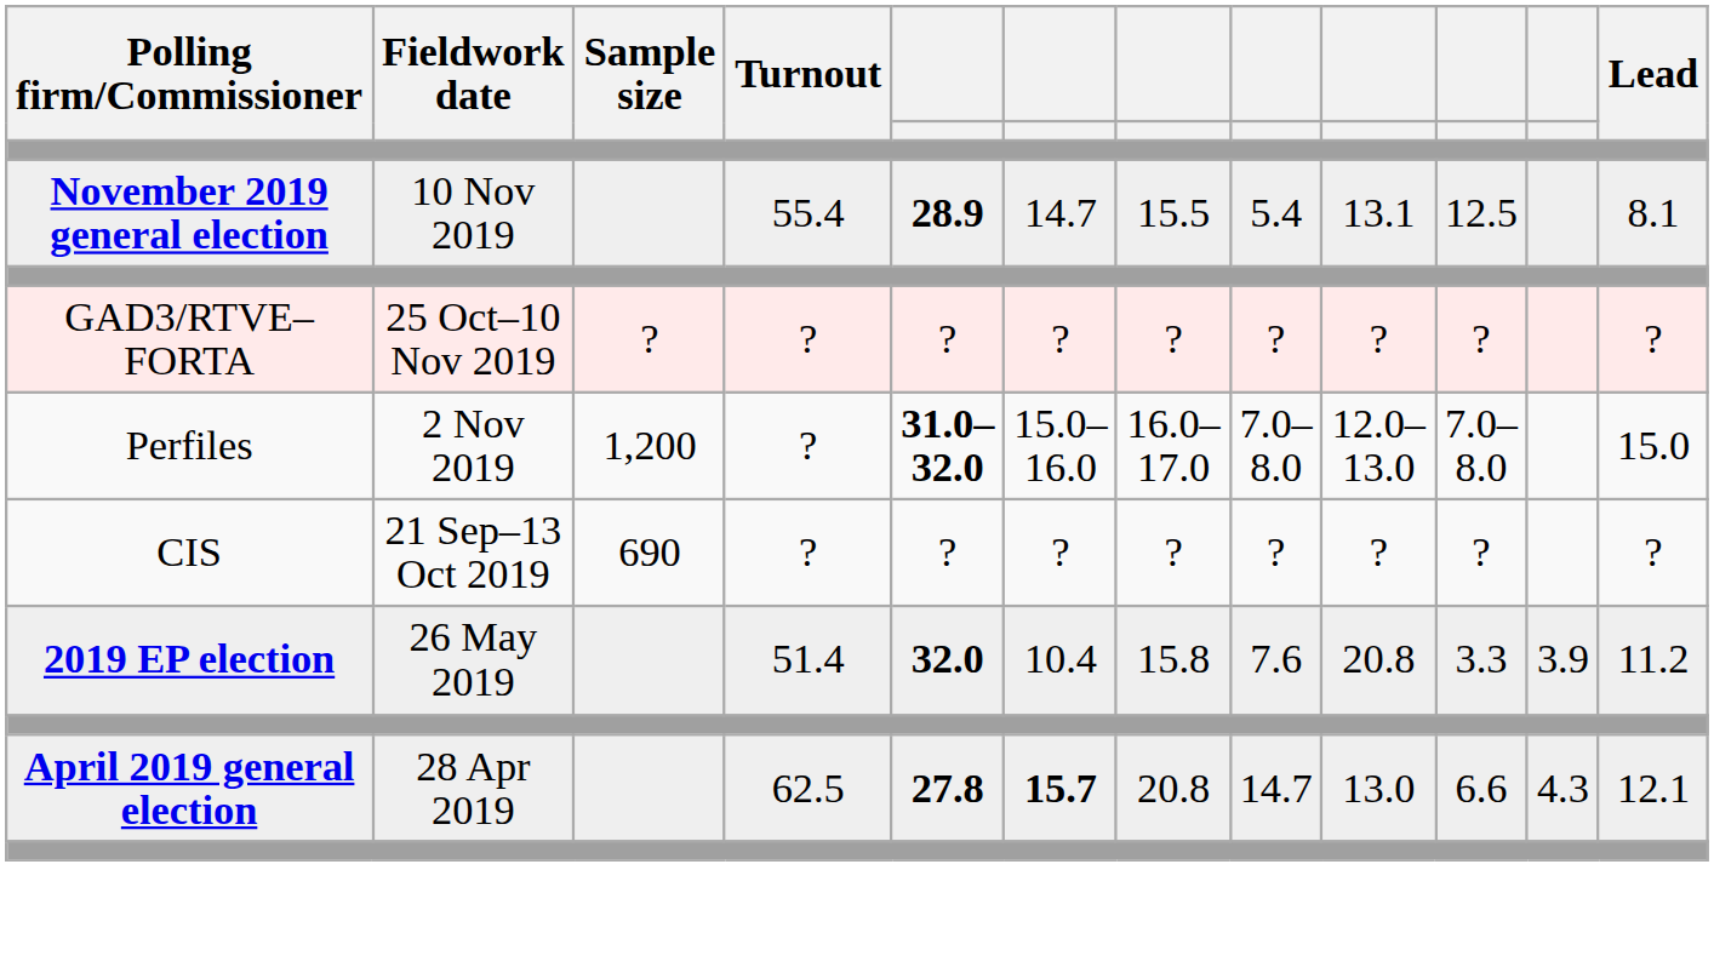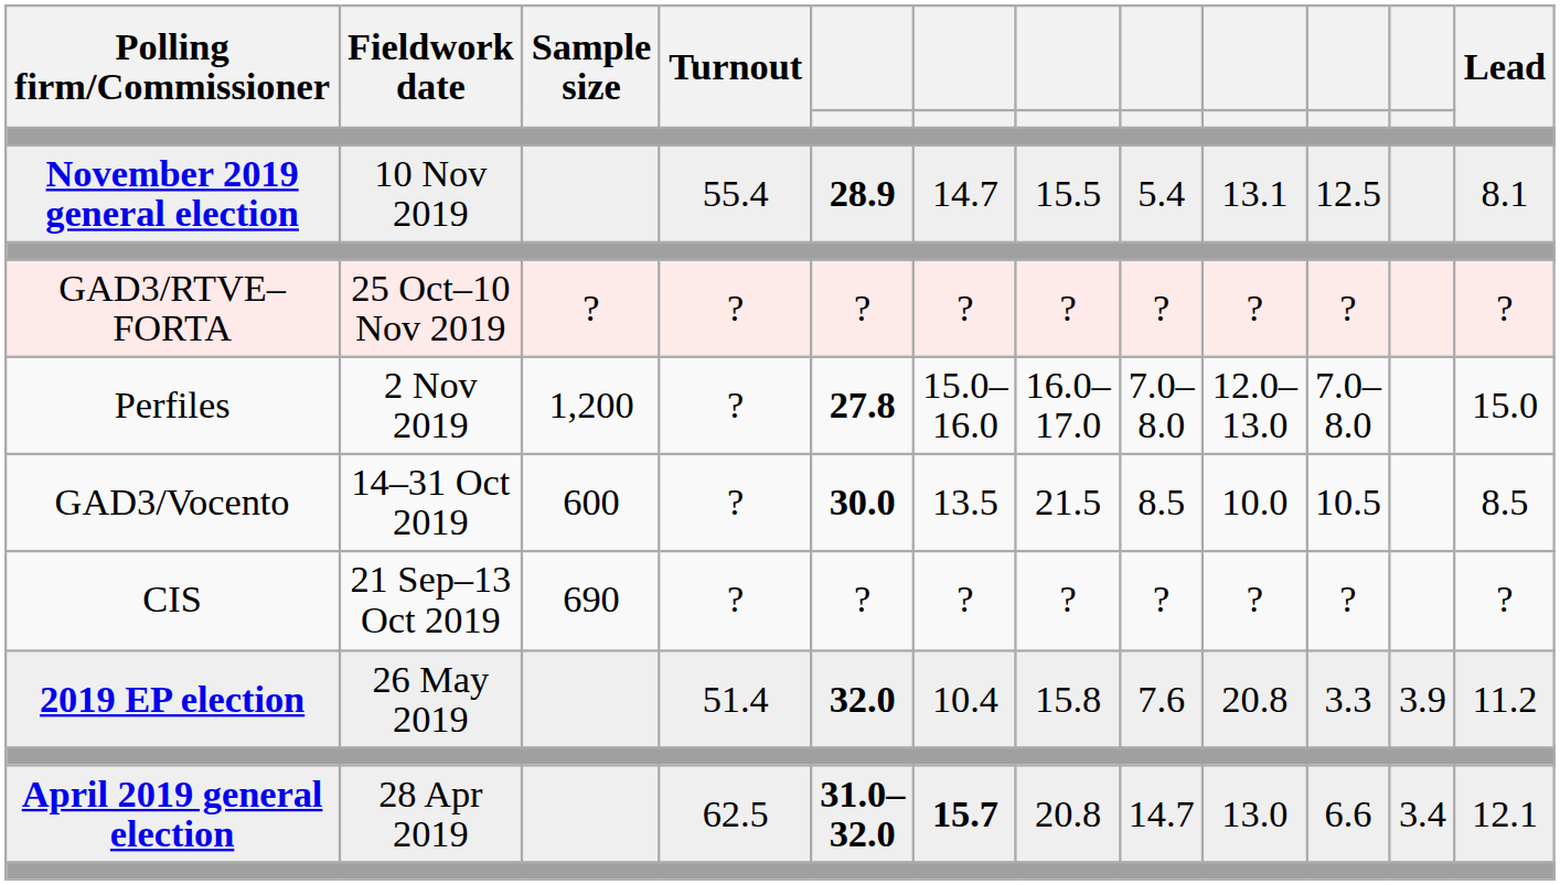 <table class="wikitable collapsible collapsed" style="text-align:center; font-size:95%; line-height:16px;">
 <tr style="height:42px;">
 <th style="width:250px;" rowspan="2">Polling firm/Commissioner</th>
 <th style="width:125px;" rowspan="2">Fieldwork date</th>
 <th style="width:50px;" rowspan="2">Sample size</th>
 <th style="width:45px;" rowspan="2">Turnout</th>
 <th style="width:35px;"></th>
 <th style="width:35px;"></th>
 <th style="width:35px;"></th>
 <th style="width:35px;"></th>
 <th style="width:35px;"></th>
 <th style="width:35px;"></th>
 <th style="width:35px;"></th>
 <th style="width:30px;" rowspan="2">Lead</th>
 </tr>
 <tr>
 <th style="color:inherit;background:"></th>
 <th style="color:inherit;background:"></th>
 <th style="color:inherit;background:"></th>
 <th style="color:inherit;background:"></th>
 <th style="color:inherit;background:"></th>
 <th style="color:inherit;background:"></th>
 <th style="color:inherit;background:"></th>
 </tr>
 <tr>
 <td colspan="12" style="background:#A0A0A0"></td>
 </tr>
 <tr style="background:#EFEFEF;">
 <td><strong><a href='#'>November 2019 general election</a></strong></td>
 <td>10 Nov 2019</td>
 <td></td>
 <td>55.4</td>
 <td><strong>28.9</strong><br></td>
 <td>14.7<br></td>
 <td>15.5<br></td>
 <td>5.4<br></td>
 <td>13.1<br></td>
 <td>12.5<br></td>
 <td></td>
 <td style="background:">8.1</td>
 </tr>
 <tr>
 <td colspan="12" style="background:#A0A0A0"></td>
 </tr>
 <tr style="background:#FFEAEA;">
 <td>GAD3/RTVE–FORTA</td>
 <td>25 Oct–10 Nov 2019</td>
 <td>?</td>
 <td>?</td>
 <td>?<br></td>
 <td>?<br></td>
 <td>?<br></td>
 <td>?<br></td>
 <td>?<br></td>
 <td>?<br></td>
 <td></td>
 <td style="background:">?</td>
 </tr>
 <tr>
 <td>Perfiles</td>
 <td>2 Nov 2019</td>
 <td>1,200</td>
 <td>?</td>
-<td><strong>31.0–<br>32.0</strong><br></td>
+<td><strong>27.8</strong><br></td>
 <td>15.0–<br>16.0<br></td>
 <td>16.0–<br>17.0<br></td>
 <td>7.0–<br>8.0<br></td>
 <td>12.0–<br>13.0<br></td>
 <td>7.0–<br>8.0<br></td>
 <td></td>
 <td style="background:">15.0</td>
+</tr>
+<tr>
+<td>GAD3/Vocento</td>
+<td>14–31 Oct 2019</td>
+<td>600</td>
+<td>?</td>
+<td><strong>30.0</strong><br></td>
+<td>13.5<br></td>
+<td>21.5<br></td>
+<td>8.5<br></td>
+<td>10.0<br></td>
+<td>10.5<br></td>
+<td></td>
+<td style="background:">8.5</td>
 </tr>
 <tr>
 <td>CIS</td>
 <td>21 Sep–13 Oct 2019</td>
 <td>690</td>
 <td>?</td>
 <td>?<br></td>
 <td>?<br></td>
 <td>?<br></td>
 <td>?<br></td>
 <td>?<br></td>
 <td>?<br></td>
 <td></td>
 <td style="background:">?</td>
 </tr>
 <tr style="background:#EFEFEF;">
 <td><strong><a href='#'>2019 EP election</a></strong></td>
 <td>26 May 2019</td>
 <td></td>
 <td>51.4</td>
 <td><strong>32.0</strong><br></td>
 <td>10.4<br></td>
 <td>15.8<br></td>
 <td>7.6<br></td>
 <td>20.8<br></td>
 <td>3.3<br></td>
 <td>3.9<br></td>
 <td style="background:">11.2</td>
 </tr>
 <tr>
 <td colspan="12" style="background:#A0A0A0"></td>
 </tr>
 <tr style="background:#EFEFEF;">
 <td><strong><a href='#'>April 2019 general election</a></strong></td>
 <td>28 Apr 2019</td>
 <td></td>
 <td>62.5</td>
-<td><strong>27.8</strong><br></td>
+<td><strong>31.0–<br>32.0</strong><br></td>
 <td><strong>15.7<br></strong></td>
 <td>20.8<br></td>
 <td>14.7<br></td>
 <td>13.0<br></td>
 <td>6.6<br></td>
-<td>4.3<br></td>
+<td>3.4<br></td>
 <td style="background:">12.1</td>
 </tr>
 <tr>
 <td colspan="12" style="background:#A0A0A0"></td>
 </tr>
 </table>
